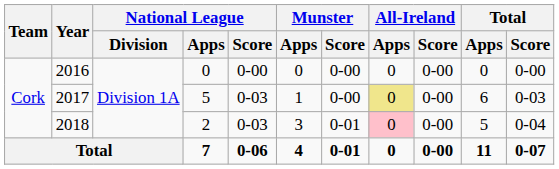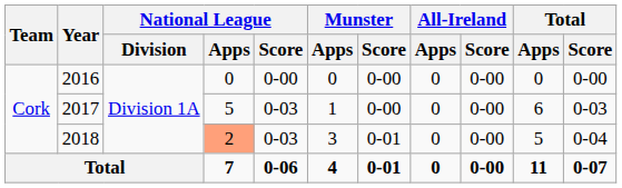 <table class="wikitable" style="text-align:center">
 <tr>
 <th rowspan="2">Team</th>
 <th rowspan="2">Year</th>
 <th colspan="3"><a href='#'>National League</a></th>
 <th colspan="2"><a href='#'>Munster</a></th>
 <th colspan="2"><a href='#'>All-Ireland</a></th>
 <th colspan="2">Total</th>
 </tr>
 <tr>
 <th>Division</th>
 <th>Apps</th>
 <th>Score</th>
 <th>Apps</th>
 <th>Score</th>
 <th>Apps</th>
 <th>Score</th>
 <th>Apps</th>
 <th>Score</th>
 </tr>
 <tr>
 <td rowspan="3"><a href='#'>Cork</a></td>
 <td>2016</td>
 <td rowspan="3"><a href='#'>Division 1A</a></td>
 <td>0</td>
 <td>0-00</td>
 <td>0</td>
 <td>0-00</td>
 <td>0</td>
 <td>0-00</td>
 <td>0</td>
 <td>0-00</td>
 </tr>
 <tr>
 <td>2017</td>
 <td>5</td>
 <td>0-03</td>
 <td>1</td>
 <td>0-00</td>
-<td style="background: khaki;">0</td>
+<td>0</td>
 <td>0-00</td>
 <td>6</td>
 <td>0-03</td>
 </tr>
 <tr>
 <td>2018</td>
-<td>2</td>
+<td style="background: lightsalmon;">2</td>
 <td>0-03</td>
 <td>3</td>
 <td>0-01</td>
-<td style="background: pink;">0</td>
+<td>0</td>
 <td>0-00</td>
 <td>5</td>
 <td>0-04</td>
 </tr>
 <tr>
 <th colspan="3">Total</th>
 <td><strong>7</strong></td>
 <td><strong>0-06</strong></td>
 <td><strong>4</strong></td>
 <td><strong>0-01</strong></td>
 <td><strong>0</strong></td>
 <td><strong>0-00</strong></td>
 <td><strong>11</strong></td>
 <td><strong>0-07</strong></td>
 </tr>
 </table>
